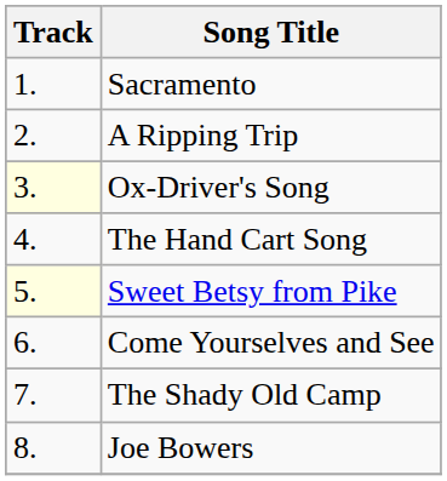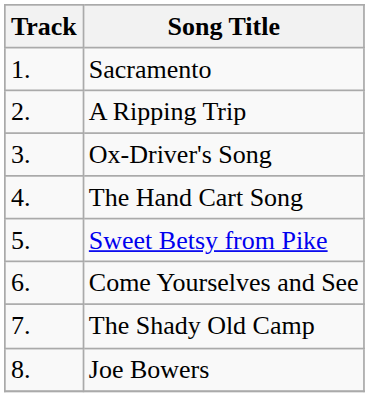 <table class="wikitable" style="font-size:95%;">
 <tr>
 <th>Track</th>
 <th>Song Title</th>
 </tr>
 <tr>
 <td>1.</td>
 <td>Sacramento</td>
 </tr>
 <tr>
 <td>2.</td>
 <td>A Ripping Trip</td>
 </tr>
 <tr>
-<td style="background: lightyellow;">3.</td>
+<td>3.</td>
 <td>Ox-Driver's Song</td>
 </tr>
 <tr>
 <td>4.</td>
 <td>The Hand Cart Song</td>
 </tr>
 <tr>
-<td style="background: lightyellow;">5.</td>
+<td>5.</td>
 <td><a href='#'>Sweet Betsy from Pike</a></td>
 </tr>
 <tr>
 <td>6.</td>
 <td>Come Yourselves and See</td>
 </tr>
 <tr>
 <td>7.</td>
 <td>The Shady Old Camp</td>
 </tr>
 <tr>
 <td>8.</td>
 <td>Joe Bowers</td>
 </tr>
 <tr>
 </tr>
 </table>
